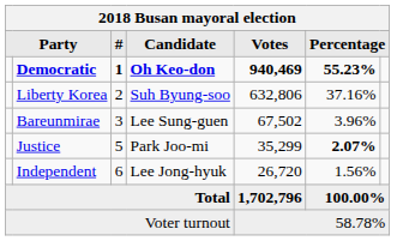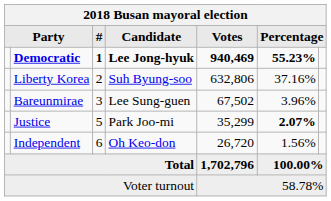 <table class="wikitable">
 <tr>
 <th colspan="7">2018 Busan mayoral election</th>
 </tr>
 <tr>
 <th style="background-color:#E9E9E9" colspan=2>Party</th>
 <th style="background-color:#E9E9E9">#</th>
 <th style="background-color:#E9E9E9">Candidate</th>
 <th style="background-color:#E9E9E9">Votes</th>
 <th style="background-color:#E9E9E9" colspan=2>Percentage</th>
 </tr>
 <tr style="font-weight:bold">
 <td></td>
 <td align=left><a href='#'>Democratic</a></td>
 <td align=center>1</td>
-<td align=left><a href='#'>Oh Keo-don</a></td>
+<td align=left>Lee Jong-hyuk</td>
 <td align=right>940,469</td>
 <td align=right>55.23%</td>
 <td align=right></td>
 </tr>
 <tr>
 <td></td>
 <td align=left><a href='#'>Liberty Korea</a></td>
 <td align=center>2</td>
 <td align=left><a href='#'>Suh Byung-soo</a></td>
 <td align=right>632,806</td>
 <td align=right>37.16%</td>
 <td align=right></td>
 </tr>
 <tr>
 <td></td>
 <td align=left><a href='#'>Bareunmirae</a></td>
 <td align=center>3</td>
 <td align=left>Lee Sung-guen</td>
 <td align=right>67,502</td>
 <td align=right>3.96%</td>
 <td align=right></td>
 </tr>
 <tr>
 <td></td>
 <td align=left><a href='#'>Justice</a></td>
 <td align=center>5</td>
 <td align=left>Park Joo-mi</td>
 <td align=right>35,299</td>
 <td align=right><strong>2.07%</strong></td>
 <td align=right></td>
 </tr>
 <tr>
 <td></td>
 <td align=left><a href='#'>Independent</a></td>
 <td align=center>6</td>
-<td align=left>Lee Jong-hyuk</td>
+<td align=left><a href='#'>Oh Keo-don</a></td>
 <td align=right>26,720</td>
 <td align=right>1.56%</td>
 <td align=right></td>
 </tr>
 <tr bgcolor="#EEEEEE" style="font-weight:bold">
 <td colspan="4" align=right>Total</td>
 <td align=right>1,702,796</td>
 <td align=right colspan=2>100.00%</td>
 </tr>
 <tr bgcolor="#EEEEEE">
 <td colspan="4" align="right">Voter turnout</td>
 <td colspan="3" align="right">58.78%</td>
 </tr>
 </table>
